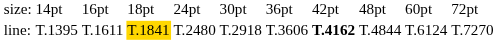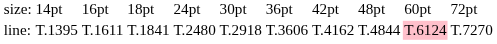 <table style="margin-left:40px;">
 <tr>
 <td>size:</td>
 <td>14pt</td>
 <td>16pt</td>
 <td>18pt</td>
 <td>24pt</td>
 <td>30pt</td>
 <td>36pt</td>
 <td>42pt</td>
 <td>48pt</td>
 <td>60pt</td>
 <td>72pt</td>
 </tr>
 <tr>
 <td>line:</td>
 <td>T.1395</td>
 <td>T.1611</td>
-<td style="background: gold;">T.1841</td>
+<td>T.1841</td>
 <td>T.2480</td>
 <td>T.2918</td>
 <td>T.3606</td>
-<td><strong>T.4162</strong></td>
+<td>T.4162</td>
 <td>T.4844</td>
-<td>T.6124</td>
+<td style="background: pink;">T.6124</td>
 <td>T.7270</td>
 </tr>
 </table>
